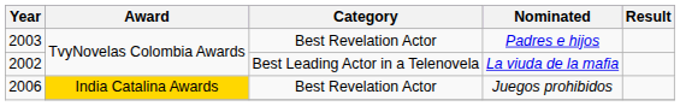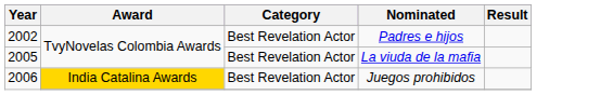 <table class="wikitable plainrowheaders" style="text-align:center;">
 <tr style="background:#96c;">
 <th scope="col">Year</th>
 <th scope="col">Award</th>
 <th scope="col">Category</th>
 <th scope="col">Nominated</th>
 <th scope="col">Result</th>
 </tr>
 <tr>
-<td scope="row" rowspan="1">2003</td>
+<td scope="row" rowspan="1">2002</td>
 <td rowspan="2">TvyNovelas Colombia Awards</td>
 <td scope="row">Best Revelation Actor</td>
 <td rowspan="1"><em><a href='#'>Padres e hijos</a></em></td>
 <td></td>
 </tr>
 <tr>
-<td scope="row" rowspan="1">2002</td>
-<td scope="row">Best  Leading Actor in a Telenovela</td>
+<td scope="row" rowspan="1">2005</td>
+<td scope="row">Best Revelation Actor</td>
 <td rowspan="1"><em><a href='#'>La viuda de la mafia</a></em></td>
 <td></td>
 </tr>
 <tr>
 <td scope="row" rowspan="2">2006</td>
 <td scope="row" style="background: gold;">India Catalina Awards</td>
 <td scope="row">Best Revelation Actor</td>
 <td rowspan="1"><em>Juegos prohibidos</em></td>
 <td></td>
 </tr>
 <tr>
 </tr>
 </table>
